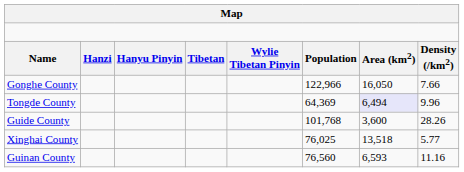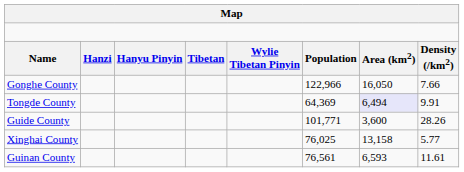 <table class="wikitable"  style="font-size:90%;" align=center>
 <tr>
 <th colspan="9" align="center">Map</th>
 </tr>
 <tr>
 <td colspan="9" align="center"><div><br>        </div></td>
 </tr>
 <tr>
 <th>Name</th>
 <th><a href='#'>Hanzi</a></th>
 <th><a href='#'>Hanyu Pinyin</a></th>
 <th><a href='#'>Tibetan</a></th>
 <th><a href='#'>Wylie</a><br><a href='#'>Tibetan Pinyin</a></th>
 <th>Population<br></th>
 <th>Area (km<sup>2</sup>)</th>
 <th>Density<br>(/km<sup>2</sup>)</th>
 </tr>
 <tr>
 <td><a href='#'>Gonghe County</a></td>
 <td></td>
 <td></td>
 <td></td>
 <td><br></td>
 <td>122,966</td>
 <td>16,050</td>
 <td>7.66</td>
 </tr>
 <tr>
 <td><a href='#'>Tongde County</a></td>
 <td></td>
 <td></td>
 <td></td>
 <td><br></td>
 <td>64,369</td>
 <td style="background: lavender;">6,494</td>
-<td>9.96</td>
+<td>9.91</td>
 </tr>
 <tr>
 <td><a href='#'>Guide County</a></td>
 <td></td>
 <td></td>
 <td></td>
 <td><br></td>
-<td>101,768</td>
+<td>101,771</td>
 <td>3,600</td>
 <td>28.26</td>
 </tr>
 <tr>
 <td><a href='#'>Xinghai County</a></td>
 <td></td>
 <td></td>
 <td></td>
 <td><br></td>
 <td>76,025</td>
-<td>13,518</td>
+<td>13,158</td>
 <td>5.77</td>
 </tr>
 <tr>
 <td><a href='#'>Guinan County</a></td>
 <td></td>
 <td></td>
 <td></td>
 <td><br></td>
-<td>76,560</td>
+<td>76,561</td>
 <td>6,593</td>
-<td>11.16</td>
+<td>11.61</td>
 </tr>
 </table>
